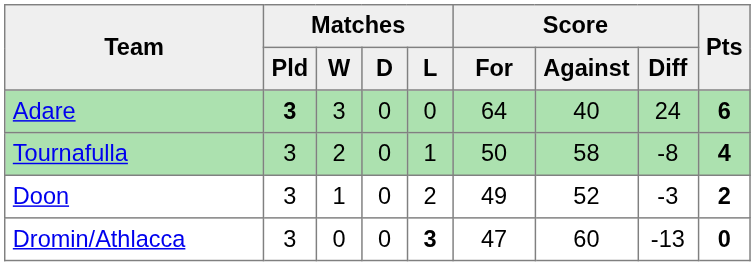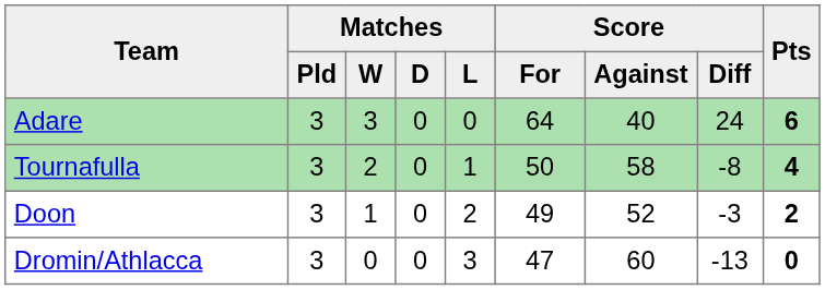 <table style=border-collapse:collapse border=1 cellspacing=0 cellpadding=5>
 <tr align=center bgcolor=#efefef>
 <th rowspan=2 width=165>Team</th>
 <th colspan=4>Matches</th>
 <th colspan=3>Score</th>
 <th rowspan=2width=20>Pts</th>
 </tr>
 <tr align=center bgcolor=#efefef>
 <th width=20>Pld</th>
 <th width=20>W</th>
 <th width=20>D</th>
 <th width=20>L</th>
 <th width=45>For</th>
 <th width=45>Against</th>
 <th width=30>Diff</th>
 </tr>
 <tr align=center style="background:#ACE1AF;">
 <td style="text-align:left;"><a href='#'>Adare</a></td>
-<td><strong>3</strong></td>
+<td>3</td>
 <td>3</td>
 <td>0</td>
 <td>0</td>
 <td>64</td>
 <td>40</td>
 <td>24</td>
 <td><strong>6</strong></td>
 </tr>
 <tr align=center style="background:#ACE1AF;">
 <td style="text-align:left;"><a href='#'>Tournafulla</a></td>
 <td>3</td>
 <td>2</td>
 <td>0</td>
 <td>1</td>
 <td>50</td>
 <td>58</td>
 <td>-8</td>
 <td><strong>4</strong></td>
 </tr>
 <tr align=center>
 <td style="text-align:left;"><a href='#'>Doon</a></td>
 <td>3</td>
 <td>1</td>
 <td>0</td>
 <td>2</td>
 <td>49</td>
 <td>52</td>
 <td>-3</td>
 <td><strong>2</strong></td>
 </tr>
 <tr align=center>
 <td style="text-align:left;"><a href='#'>Dromin/Athlacca</a></td>
 <td>3</td>
 <td>0</td>
 <td>0</td>
-<td><strong>3</strong></td>
+<td>3</td>
 <td>47</td>
 <td>60</td>
 <td>-13</td>
 <td><strong>0</strong></td>
 </tr>
 </table>
